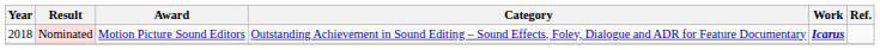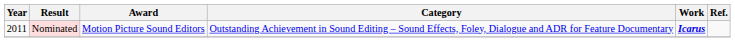 <table class="wikitable">
 <tr>
 <th>Year</th>
 <th>Result</th>
 <th>Award</th>
 <th>Category</th>
 <th>Work</th>
 <th>Ref.</th>
 </tr>
 <tr>
-<td>2018</td>
+<td>2011</td>
 <td style="background: #ffdddd">Nominated</td>
 <td><a href='#'>Motion Picture Sound Editors</a></td>
 <td><a href='#'>Outstanding Achievement in Sound Editing – Sound Effects, Foley, Dialogue and ADR for Feature Documentary</a></td>
 <td><strong><em><a href='#'>Icarus</a></em></strong></td>
 <td></td>
 </tr>
 <tr>
 </tr>
 </table>
